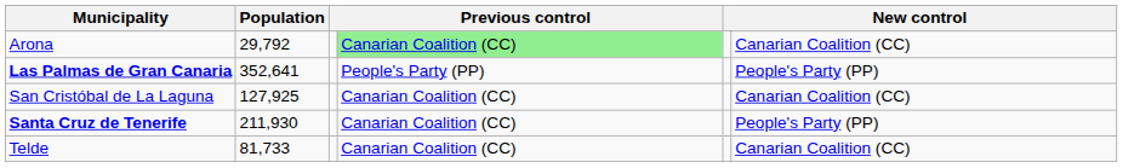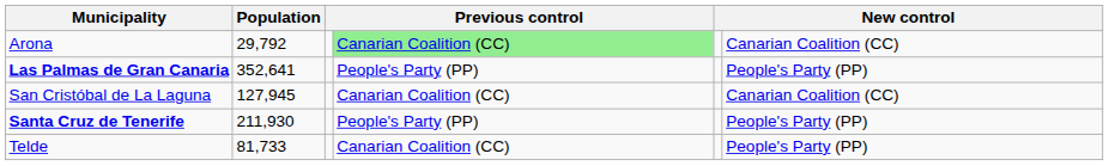 <table class="wikitable sortable">
 <tr>
 <th>Municipality</th>
 <th>Population</th>
 <th colspan="2" style="width:375px;">Previous control</th>
 <th colspan="2" style="width:375px;">New control</th>
 </tr>
 <tr>
 <td><a href='#'>Arona</a></td>
 <td>29,792</td>
 <td width="1" style="color:inherit;background:"></td>
 <td style="background: lightgreen;"><a href='#'>Canarian Coalition</a> (CC)</td>
 <td width="1" style="color:inherit;background:"></td>
 <td><a href='#'>Canarian Coalition</a> (CC)</td>
 </tr>
 <tr>
 <td><strong><a href='#'>Las Palmas de Gran Canaria</a></strong></td>
 <td>352,641</td>
 <td style="color:inherit;background:"></td>
 <td><a href='#'>People's Party</a> (PP)</td>
 <td style="color:inherit;background:"></td>
 <td><a href='#'>People's Party</a> (PP)</td>
 </tr>
 <tr>
 <td><a href='#'>San Cristóbal de La Laguna</a></td>
-<td>127,925</td>
+<td>127,945</td>
 <td style="color:inherit;background:"></td>
 <td><a href='#'>Canarian Coalition</a> (CC)</td>
 <td style="color:inherit;background:"></td>
 <td><a href='#'>Canarian Coalition</a> (CC)</td>
 </tr>
 <tr>
 <td><strong><a href='#'>Santa Cruz de Tenerife</a></strong></td>
 <td>211,930</td>
 <td style="color:inherit;background:"></td>
-<td><a href='#'>Canarian Coalition</a> (CC)</td>
+<td><a href='#'>People's Party</a> (PP)</td>
 <td style="color:inherit;background:"></td>
 <td><a href='#'>People's Party</a> (PP)</td>
 </tr>
 <tr>
 <td><a href='#'>Telde</a></td>
 <td>81,733</td>
 <td style="color:inherit;background:"></td>
 <td><a href='#'>Canarian Coalition</a> (CC)</td>
 <td style="color:inherit;background:"></td>
-<td><a href='#'>Canarian Coalition</a> (CC)</td>
+<td><a href='#'>People's Party</a> (PP)</td>
 </tr>
 </table>
